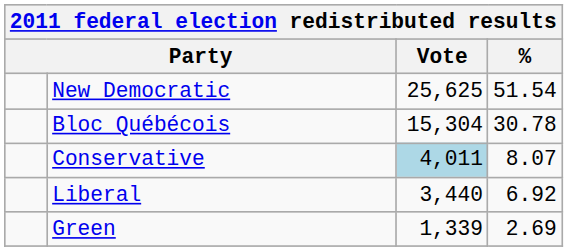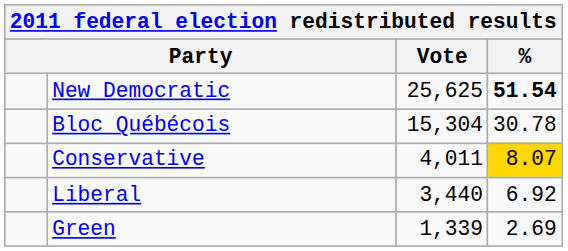 <table class="wikitable">
 <tr>
 <th colspan="4"><a href='#'>2011 federal election</a> redistributed results</th>
 </tr>
 <tr>
 <th bgcolor="#DDDDFF" width="130px" colspan="2">Party</th>
 <th bgcolor="#DDDDFF" width="50px">Vote</th>
 <th bgcolor="#DDDDFF" width="30px">%</th>
 </tr>
 <tr>
 <td> </td>
 <td><a href='#'>New Democratic</a></td>
 <td align=right>25,625</td>
-<td align=right>51.54</td>
+<td align=right><strong>51.54</strong></td>
 </tr>
 <tr>
 <td> </td>
 <td><a href='#'>Bloc Québécois</a></td>
 <td align=right>15,304</td>
 <td align=right>30.78</td>
 </tr>
 <tr>
 <td> </td>
 <td><a href='#'>Conservative</a></td>
-<td align=right style="background: lightblue;">4,011</td>
-<td align=right>8.07</td>
+<td align=right>4,011</td>
+<td align=right style="background: gold;">8.07</td>
 </tr>
 <tr>
 <td> </td>
 <td><a href='#'>Liberal</a></td>
 <td align=right>3,440</td>
 <td align=right>6.92</td>
 </tr>
 <tr>
 <td> </td>
 <td><a href='#'>Green</a></td>
 <td align=right>1,339</td>
 <td align=right>2.69</td>
 </tr>
 </table>
